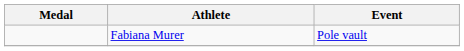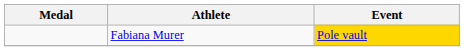 <table class="wikitable" style="font-size:90%"  width=60%>
 <tr>
 <th>Medal</th>
 <th>Athlete</th>
 <th>Event</th>
 </tr>
 <tr>
 <td></td>
 <td><a href='#'>Fabiana Murer</a></td>
-<td><a href='#'>Pole vault</a></td>
+<td style="background: gold;"><a href='#'>Pole vault</a></td>
 </tr>
 <tr>
 </tr>
 </table>
